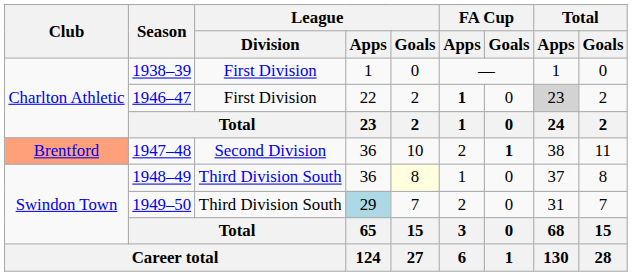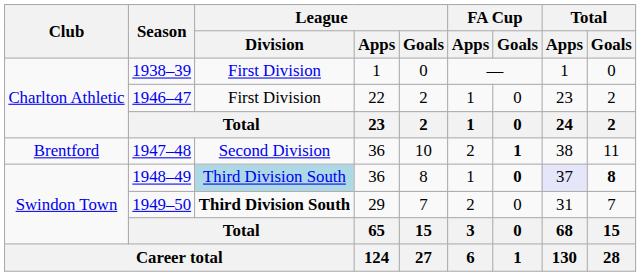 <table class="wikitable" style="text-align: center;">
 <tr>
 <th rowspan="2">Club</th>
 <th rowspan="2">Season</th>
 <th colspan="3">League</th>
 <th colspan="2">FA Cup</th>
 <th colspan="2">Total</th>
 </tr>
 <tr>
 <th>Division</th>
 <th>Apps</th>
 <th>Goals</th>
 <th>Apps</th>
 <th>Goals</th>
 <th>Apps</th>
 <th>Goals</th>
 </tr>
 <tr>
 <td rowspan="3"><a href='#'>Charlton Athletic</a></td>
 <td><a href='#'>1938–39</a></td>
 <td><a href='#'>First Division</a></td>
 <td>1</td>
 <td>0</td>
 <td colspan="2">―</td>
 <td>1</td>
 <td>0</td>
 </tr>
 <tr>
 <td><a href='#'>1946–47</a></td>
 <td>First Division</td>
 <td>22</td>
 <td>2</td>
-<td><strong>1</strong></td>
+<td>1</td>
 <td>0</td>
-<td style="background: lightgrey;">23</td>
+<td>23</td>
 <td>2</td>
 </tr>
 <tr>
 <th colspan="2">Total</th>
 <th>23</th>
 <th>2</th>
 <th>1</th>
 <th>0</th>
 <th>24</th>
 <th>2</th>
 </tr>
 <tr>
-<td style="background: lightsalmon;"><a href='#'>Brentford</a></td>
+<td><a href='#'>Brentford</a></td>
 <td><a href='#'>1947–48</a></td>
 <td><a href='#'>Second Division</a></td>
 <td>36</td>
 <td>10</td>
 <td>2</td>
 <td><strong>1</strong></td>
 <td>38</td>
 <td>11</td>
 </tr>
 <tr>
 <td rowspan="3"><a href='#'>Swindon Town</a></td>
 <td><a href='#'>1948–49</a></td>
-<td><a href='#'>Third Division South</a></td>
+<td style="background: lightblue;"><a href='#'>Third Division South</a></td>
 <td>36</td>
-<td style="background: lightyellow;">8</td>
+<td>8</td>
 <td>1</td>
-<td>0</td>
-<td>37</td>
-<td>8</td>
+<td><strong>0</strong></td>
+<td style="background: lavender;">37</td>
+<td><strong>8</strong></td>
 </tr>
 <tr>
 <td><a href='#'>1949–50</a></td>
-<td>Third Division South</td>
-<td style="background: lightblue;">29</td>
+<td><strong>Third Division South</strong></td>
+<td>29</td>
 <td>7</td>
 <td>2</td>
 <td>0</td>
 <td>31</td>
 <td>7</td>
 </tr>
 <tr>
 <th colspan="2">Total</th>
 <th>65</th>
 <th>15</th>
 <th>3</th>
 <th>0</th>
 <th>68</th>
 <th>15</th>
 </tr>
 <tr>
 <th colspan="3">Career total</th>
 <th>124</th>
 <th>27</th>
 <th>6</th>
 <th>1</th>
 <th>130</th>
 <th>28</th>
 </tr>
 </table>
